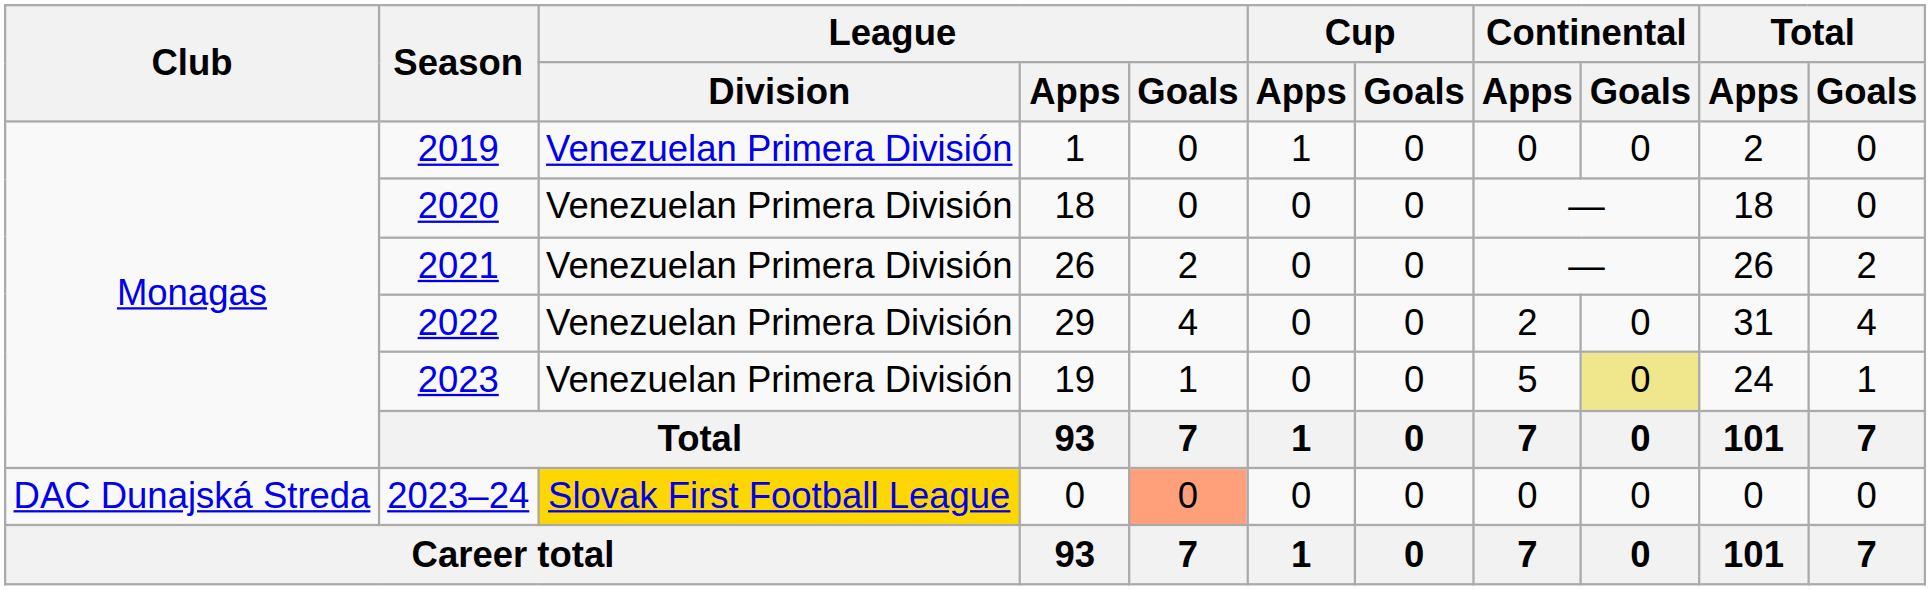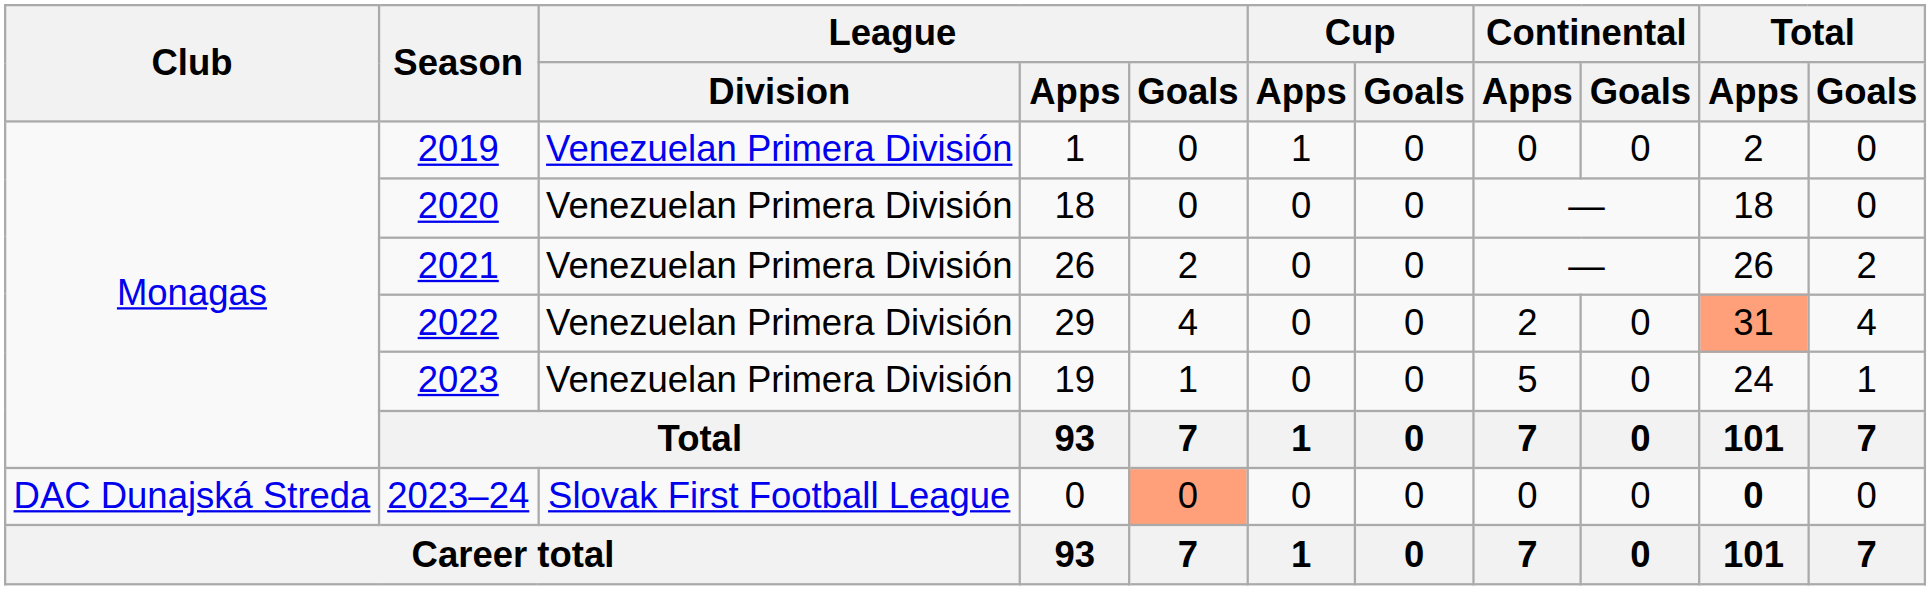 <table class="wikitable" style="text-align:center">
 <tr>
 <th rowspan="2">Club</th>
 <th rowspan="2">Season</th>
 <th colspan="3">League</th>
 <th colspan="2">Cup</th>
 <th colspan="2">Continental</th>
 <th colspan="2">Total</th>
 </tr>
 <tr>
 <th>Division</th>
 <th>Apps</th>
 <th>Goals</th>
 <th>Apps</th>
 <th>Goals</th>
 <th>Apps</th>
 <th>Goals</th>
 <th>Apps</th>
 <th>Goals</th>
 </tr>
 <tr>
 <td rowspan="6"><a href='#'>Monagas</a></td>
 <td><a href='#'>2019</a></td>
 <td><a href='#'>Venezuelan Primera División</a></td>
 <td>1</td>
 <td>0</td>
 <td>1</td>
 <td>0</td>
 <td>0</td>
 <td>0</td>
 <td>2</td>
 <td>0</td>
 </tr>
 <tr>
 <td><a href='#'>2020</a></td>
 <td>Venezuelan Primera División</td>
 <td>18</td>
 <td>0</td>
 <td>0</td>
 <td>0</td>
 <td colspan="2">—</td>
 <td>18</td>
 <td>0</td>
 </tr>
 <tr>
 <td><a href='#'>2021</a></td>
 <td>Venezuelan Primera División</td>
 <td>26</td>
 <td>2</td>
 <td>0</td>
 <td>0</td>
 <td colspan="2">—</td>
 <td>26</td>
 <td>2</td>
 </tr>
 <tr>
 <td><a href='#'>2022</a></td>
 <td>Venezuelan Primera División</td>
 <td>29</td>
 <td>4</td>
 <td>0</td>
 <td>0</td>
 <td>2</td>
 <td>0</td>
-<td>31</td>
+<td style="background: lightsalmon;">31</td>
 <td>4</td>
 </tr>
 <tr>
 <td><a href='#'>2023</a></td>
 <td>Venezuelan Primera División</td>
 <td>19</td>
 <td>1</td>
 <td>0</td>
 <td>0</td>
 <td>5</td>
-<td style="background: khaki;">0</td>
+<td>0</td>
 <td>24</td>
 <td>1</td>
 </tr>
 <tr>
 <th colspan="2">Total</th>
 <th>93</th>
 <th>7</th>
 <th>1</th>
 <th>0</th>
 <th>7</th>
 <th>0</th>
 <th>101</th>
 <th>7</th>
 </tr>
 <tr>
 <td><a href='#'>DAC Dunajská Streda</a></td>
 <td><a href='#'>2023–24</a></td>
-<td style="background: gold;"><a href='#'>Slovak First Football League</a></td>
+<td><a href='#'>Slovak First Football League</a></td>
 <td>0</td>
 <td style="background: lightsalmon;">0</td>
 <td>0</td>
 <td>0</td>
 <td>0</td>
 <td>0</td>
-<td>0</td>
+<td><strong>0</strong></td>
 <td>0</td>
 </tr>
 <tr>
 <th colspan="3">Career total</th>
 <th>93</th>
 <th>7</th>
 <th>1</th>
 <th>0</th>
 <th>7</th>
 <th>0</th>
 <th>101</th>
 <th>7</th>
 </tr>
 </table>
